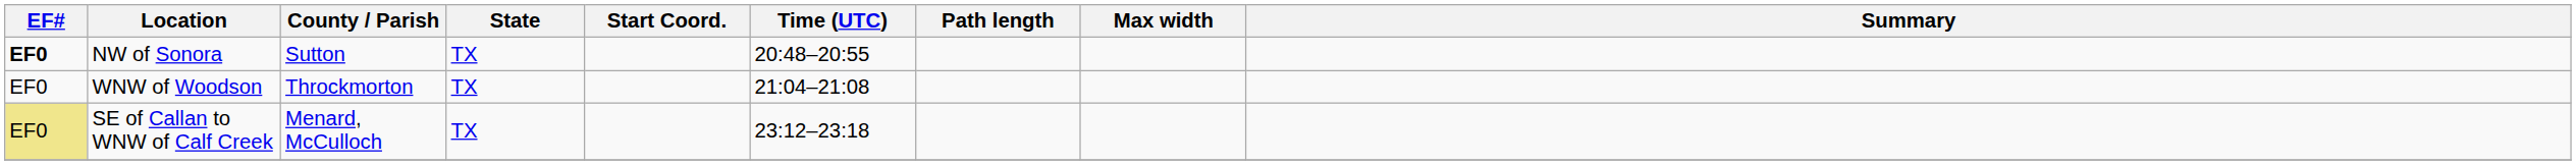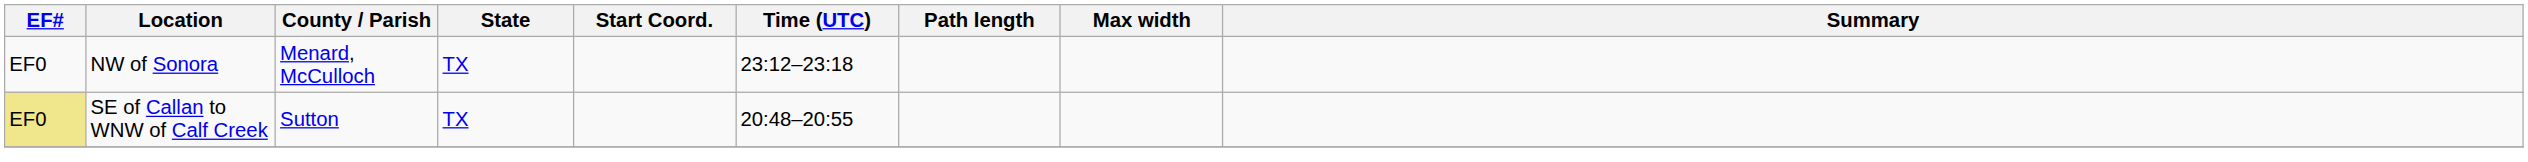 <table class="wikitable sortable" style="width:100%;">
 <tr>
 <th scope="col"  style="width:3%; text-align:center;"><a href='#'>EF#</a></th>
 <th scope="col"  style="width:7%; text-align:center;" class="unsortable">Location</th>
 <th scope="col"  style="width:6%; text-align:center;" class="unsortable">County / Parish</th>
 <th scope="col"  style="width:5%; text-align:center;">State</th>
 <th scope="col"  style="width:6%; text-align:center;">Start Coord.</th>
 <th scope="col"  style="width:6%; text-align:center;">Time (<a href='#'>UTC</a>)</th>
 <th scope="col"  style="width:6%; text-align:center;">Path length</th>
 <th scope="col"  style="width:6%; text-align:center;">Max width</th>
 <th scope="col" class="unsortable" style="width:48%; text-align:center;">Summary</th>
 </tr>
 <tr>
-<td><strong>EF0</strong></td>
+<td>EF0</td>
 <td>NW of <a href='#'>Sonora</a></td>
+<td><a href='#'>Menard</a>, <a href='#'>McCulloch</a></td>
+<td><a href='#'>TX</a></td>
+<td></td>
+<td>23:12–23:18</td>
+<td></td>
+<td></td>
+<td></td>
+</tr>
+<tr>
+<td style="background: khaki;">EF0</td>
+<td>SE of <a href='#'>Callan</a> to WNW of <a href='#'>Calf Creek</a></td>
 <td><a href='#'>Sutton</a></td>
 <td><a href='#'>TX</a></td>
 <td></td>
 <td>20:48–20:55</td>
 <td></td>
 <td></td>
 <td></td>
 </tr>
 <tr>
-<td>EF0</td>
-<td>WNW of <a href='#'>Woodson</a></td>
-<td><a href='#'>Throckmorton</a></td>
-<td><a href='#'>TX</a></td>
-<td></td>
-<td>21:04–21:08</td>
-<td></td>
-<td></td>
-<td></td>
-</tr>
-<tr>
-<td style="background: khaki;">EF0</td>
-<td>SE of <a href='#'>Callan</a> to WNW of <a href='#'>Calf Creek</a></td>
-<td><a href='#'>Menard</a>, <a href='#'>McCulloch</a></td>
-<td><a href='#'>TX</a></td>
-<td></td>
-<td>23:12–23:18</td>
-<td></td>
-<td></td>
-<td></td>
-</tr>
-<tr>
 </tr>
 </table>
